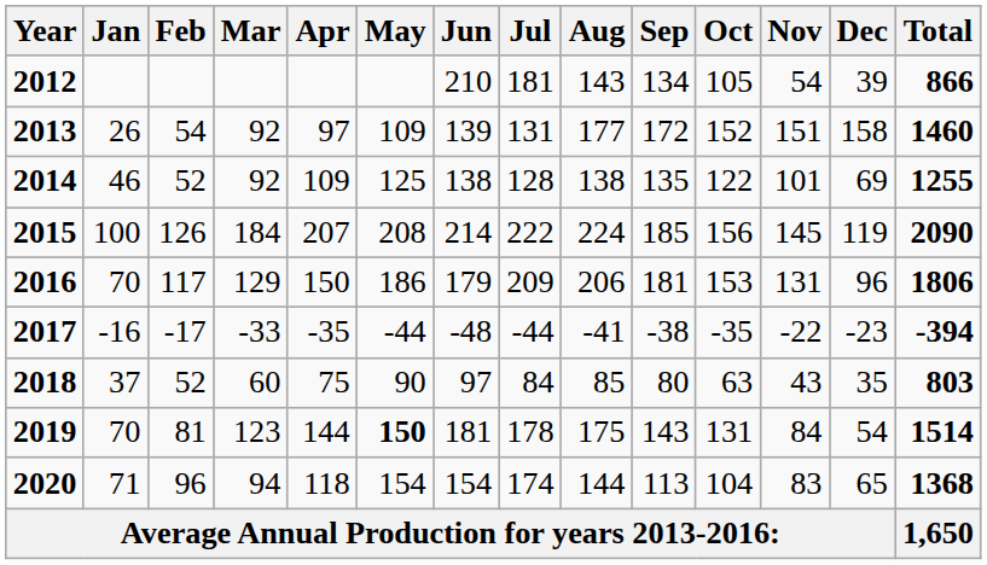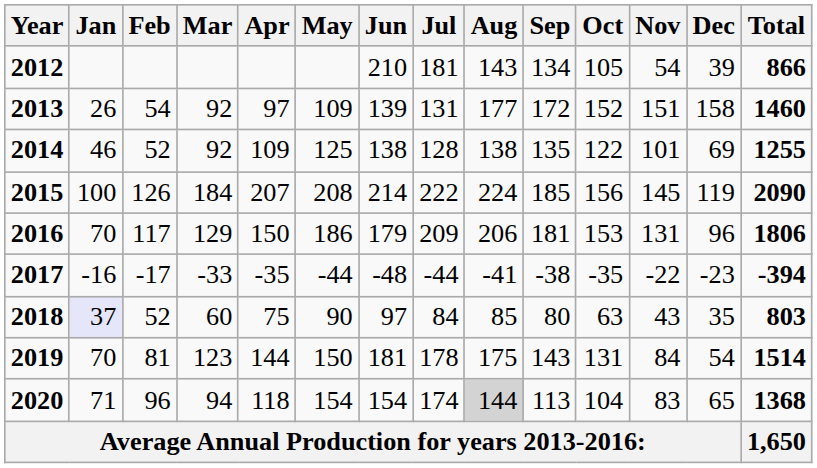 <table class=wikitable>
 <tr>
 <th>Year</th>
 <th>Jan</th>
 <th>Feb</th>
 <th>Mar</th>
 <th>Apr</th>
 <th>May</th>
 <th>Jun</th>
 <th>Jul</th>
 <th>Aug</th>
 <th>Sep</th>
 <th>Oct</th>
 <th>Nov</th>
 <th>Dec</th>
 <th>Total</th>
 </tr>
 <tr align=right>
 <td><strong>2012</strong></td>
 <td></td>
 <td></td>
 <td></td>
 <td></td>
 <td></td>
 <td>210</td>
 <td>181</td>
 <td>143</td>
 <td>134</td>
 <td>105</td>
 <td>54</td>
 <td>39</td>
 <td><strong>866</strong></td>
 </tr>
 <tr align=right>
 <td><strong>2013</strong></td>
 <td>26</td>
 <td>54</td>
 <td>92</td>
 <td>97</td>
 <td>109</td>
 <td>139</td>
 <td>131</td>
 <td>177</td>
 <td>172</td>
 <td>152</td>
 <td>151</td>
 <td>158</td>
 <td><strong>1460</strong></td>
 </tr>
 <tr align=right>
 <td><strong>2014</strong></td>
 <td>46</td>
 <td>52</td>
 <td>92</td>
 <td>109</td>
 <td>125</td>
 <td>138</td>
 <td>128</td>
 <td>138</td>
 <td>135</td>
 <td>122</td>
 <td>101</td>
 <td>69</td>
 <td><strong>1255</strong></td>
 </tr>
 <tr align=right>
 <td><strong>2015</strong></td>
 <td>100</td>
 <td>126</td>
 <td>184</td>
 <td>207</td>
 <td>208</td>
 <td>214</td>
 <td>222</td>
 <td>224</td>
 <td>185</td>
 <td>156</td>
 <td>145</td>
 <td>119</td>
 <td><strong>2090</strong></td>
 </tr>
 <tr align=right>
 <td><strong>2016</strong></td>
 <td>70</td>
 <td>117</td>
 <td>129</td>
 <td>150</td>
 <td>186</td>
 <td>179</td>
 <td>209</td>
 <td>206</td>
 <td>181</td>
 <td>153</td>
 <td>131</td>
 <td>96</td>
 <td><strong>1806</strong></td>
 </tr>
 <tr align=right>
 <td><strong>2017</strong></td>
 <td>-16</td>
 <td>-17</td>
 <td>-33</td>
 <td>-35</td>
 <td>-44</td>
 <td>-48</td>
 <td>-44</td>
 <td>-41</td>
 <td>-38</td>
 <td>-35</td>
 <td>-22</td>
 <td>-23</td>
 <td><strong>-394</strong></td>
 </tr>
 <tr align=right>
 <td><strong>2018</strong></td>
-<td>37</td>
+<td style="background: lavender;">37</td>
 <td>52</td>
 <td>60</td>
 <td>75</td>
 <td>90</td>
 <td>97</td>
 <td>84</td>
 <td>85</td>
 <td>80</td>
 <td>63</td>
 <td>43</td>
 <td>35</td>
 <td><strong>803</strong></td>
 </tr>
 <tr align=right>
 <td><strong>2019</strong></td>
 <td>70</td>
 <td>81</td>
 <td>123</td>
 <td>144</td>
-<td><strong>150</strong></td>
+<td>150</td>
 <td>181</td>
 <td>178</td>
 <td>175</td>
 <td>143</td>
 <td>131</td>
 <td>84</td>
 <td>54</td>
 <td><strong>1514</strong></td>
 </tr>
 <tr align=right>
 <td><strong>2020</strong></td>
 <td>71</td>
 <td>96</td>
 <td>94</td>
 <td>118</td>
 <td>154</td>
 <td>154</td>
 <td>174</td>
-<td>144</td>
+<td style="background: lightgrey;">144</td>
 <td>113</td>
 <td>104</td>
 <td>83</td>
 <td>65</td>
 <td><strong>1368</strong></td>
 </tr>
 <tr align=right>
 <th colspan=13>Average Annual Production for years 2013-2016:</th>
 <th>1,650</th>
 </tr>
 </table>
